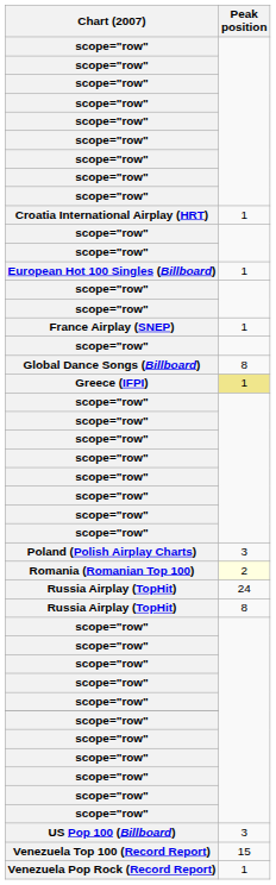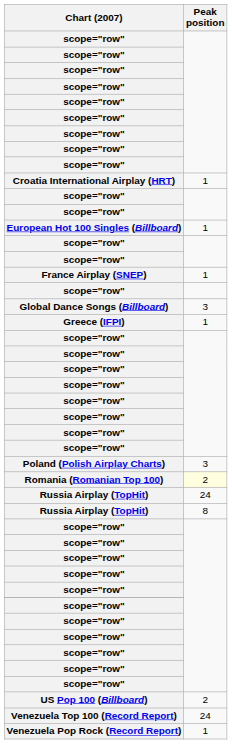 <table class="wikitable sortable plainrowheaders" style="text-align:center">
 <tr>
 <th scope="col">Chart (2007)</th>
 <th scope="col">Peak<br>position</th>
 </tr>
 <tr>
 <th>scope="row" </th>
 </tr>
 <tr>
 <th>scope="row" </th>
 </tr>
 <tr>
 <th>scope="row" </th>
 </tr>
 <tr>
 <th>scope="row" </th>
 </tr>
 <tr>
 <th>scope="row" </th>
 </tr>
 <tr>
 <th>scope="row" </th>
 </tr>
 <tr>
 <th>scope="row" </th>
 </tr>
 <tr>
 <th>scope="row" </th>
 </tr>
 <tr>
 <th>scope="row" </th>
 </tr>
 <tr>
 <th scope="row">Croatia International Airplay (<a href='#'>HRT</a>)</th>
 <td>1</td>
 </tr>
 <tr>
 <th>scope="row" </th>
 </tr>
 <tr>
 <th>scope="row" </th>
 </tr>
 <tr>
 <th scope="row"><a href='#'>European Hot 100 Singles</a> (<em><a href='#'>Billboard</a></em>)</th>
 <td>1</td>
 </tr>
 <tr>
 <th>scope="row" </th>
 </tr>
 <tr>
 <th>scope="row" </th>
 </tr>
 <tr>
 <th scope="row">France Airplay (<a href='#'>SNEP</a>)</th>
 <td>1</td>
 </tr>
 <tr>
 <th>scope="row" </th>
 </tr>
 <tr>
 <th scope="row">Global Dance Songs (<em><a href='#'>Billboard</a></em>)</th>
-<td>8</td>
+<td>3</td>
 </tr>
 <tr>
 <th scope="row">Greece (<a href='#'>IFPI</a>)</th>
-<td style="background: khaki;">1</td>
+<td>1</td>
 </tr>
 <tr>
 <th>scope="row" </th>
 </tr>
 <tr>
 <th>scope="row" </th>
 </tr>
 <tr>
 <th>scope="row" </th>
 </tr>
 <tr>
 <th>scope="row" </th>
 </tr>
 <tr>
 <th>scope="row" </th>
 </tr>
 <tr>
 <th>scope="row" </th>
 </tr>
 <tr>
 <th>scope="row" </th>
 </tr>
 <tr>
 <th>scope="row" </th>
 </tr>
 <tr>
 <th scope="row">Poland (<a href='#'>Polish Airplay Charts</a>)</th>
 <td>3</td>
 </tr>
 <tr>
 <th scope="row">Romania (<a href='#'>Romanian Top 100</a>)</th>
 <td style="background: lightyellow;">2</td>
 </tr>
 <tr>
 <th scope="row">Russia Airplay (<a href='#'>TopHit</a>)</th>
 <td>24</td>
 </tr>
 <tr>
 <th scope="row">Russia Airplay (<a href='#'>TopHit</a>)<br><em></em></th>
 <td>8</td>
 </tr>
 <tr>
 <th>scope="row" </th>
 </tr>
 <tr>
 <th>scope="row" </th>
 </tr>
 <tr>
 <th>scope="row" </th>
 </tr>
 <tr>
 <th>scope="row" </th>
 </tr>
 <tr>
 <th>scope="row" </th>
 </tr>
 <tr>
 </tr>
 <tr>
 <th>scope="row" </th>
 </tr>
 <tr>
 <th>scope="row" </th>
 </tr>
 <tr>
 <th>scope="row" </th>
 </tr>
 <tr>
 <th>scope="row" </th>
 </tr>
 <tr>
 <th>scope="row" </th>
 </tr>
 <tr>
 <th>scope="row" </th>
 </tr>
 <tr>
 <th scope="row">US <a href='#'>Pop 100</a> (<em><a href='#'>Billboard</a></em>)</th>
-<td>3</td>
+<td>2</td>
 </tr>
 <tr>
 <th scope="row">Venezuela Top 100 (<a href='#'>Record Report</a>)</th>
-<td>15</td>
+<td>24</td>
 </tr>
 <tr>
 <th scope="row">Venezuela Pop Rock (<a href='#'>Record Report</a>)</th>
 <td>1</td>
 </tr>
 </table>
